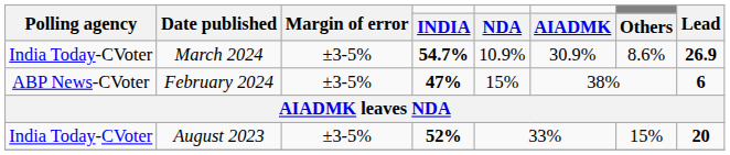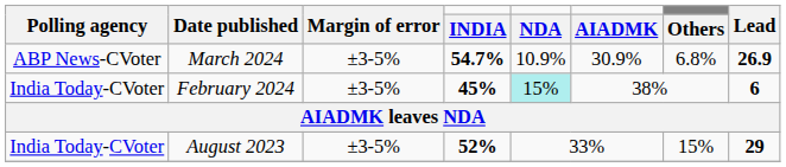 <table class="wikitable sortable" style="text-align:center;font-size:95%;line-height:16px">
 <tr>
 <th rowspan="2">Polling agency</th>
 <th rowspan="2">Date published</th>
 <th rowspan="2">Margin of error</th>
 <td></td>
 <td></td>
 <td></td>
 <td bgcolor="grey"></td>
 <th rowspan="2">Lead</th>
 </tr>
 <tr>
 <th><a href='#'>INDIA</a></th>
 <th><a href='#'>NDA</a></th>
 <th><a href='#'>AIADMK</a></th>
 <th>Others</th>
 </tr>
 <tr>
-<td><a href='#'>India Today</a>-CVoter</td>
+<td><a href='#'>ABP News</a>-CVoter</td>
 <td><em>March 2024</em></td>
 <td>±3-5%</td>
 <td bgcolor=><strong>54.7%</strong></td>
 <td>10.9%</td>
 <td>30.9%</td>
-<td>8.6%</td>
+<td>6.8%</td>
 <td bgcolor=><strong>26.9</strong></td>
 </tr>
 <tr>
-<td><a href='#'>ABP News</a>-CVoter</td>
+<td><a href='#'>India Today</a>-CVoter</td>
 <td><em>February 2024</em></td>
 <td>±3-5%</td>
-<td><strong>47%</strong></td>
-<td>15%</td>
+<td><strong>45%</strong></td>
+<td style="background: paleturquoise;">15%</td>
 <td colspan="2">38%</td>
 <td><strong>6</strong></td>
 </tr>
 <tr>
 <th colspan="8"><a href='#'>AIADMK</a> leaves <a href='#'>NDA</a></th>
 </tr>
 <tr>
 <td><a href='#'>India Today</a>-<a href='#'>CVoter</a></td>
 <td><em>August 2023</em></td>
 <td>±3-5%</td>
 <td><strong>52%</strong></td>
 <td colspan="2">33%</td>
 <td>15%</td>
-<td><strong>20</strong></td>
+<td><strong>29</strong></td>
 </tr>
 <tr>
 </tr>
 </table>
